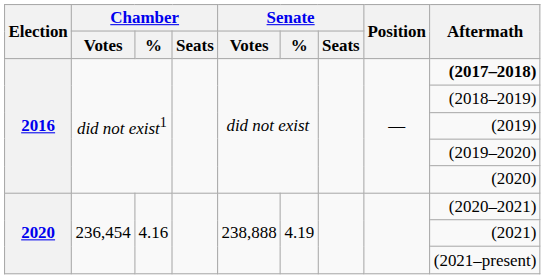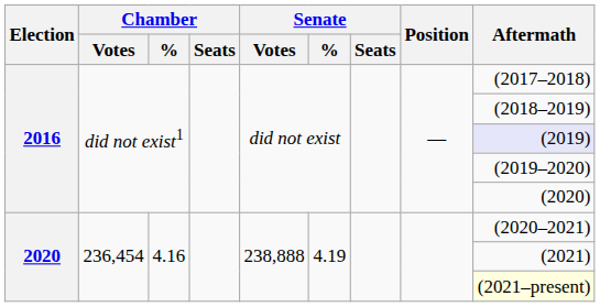 <table class="wikitable" style="text-align: right;">
 <tr>
 <th rowspan="2">Election</th>
 <th colspan="3"><a href='#'>Chamber</a></th>
 <th colspan="3"><a href='#'>Senate</a></th>
 <th rowspan="2">Position</th>
 <th rowspan="2">Aftermath</th>
 </tr>
 <tr>
 <th>Votes</th>
 <th>%</th>
 <th>Seats</th>
 <th>Votes</th>
 <th>%</th>
 <th>Seats</th>
 </tr>
 <tr>
 <th rowspan=5><a href='#'>2016</a></th>
 <td rowspan=5; colspan=2; style="text-align: center;"><em>did not exist</em><sup>1</sup></td>
 <td rowspan=5></td>
 <td rowspan=5; colspan=2; style="text-align: center;"><em>did not exist</em></td>
 <td rowspan=5></td>
 <td rowspan=5; style="text-align: center;">—</td>
-<td><strong> (2017–2018)</strong></td>
+<td> (2017–2018)</td>
 </tr>
 <tr>
 <td> (2018–2019)</td>
 </tr>
 <tr>
-<td> (2019)</td>
+<td style="background: lavender;"> (2019)</td>
 </tr>
 <tr>
 <td> (2019–2020)</td>
 </tr>
 <tr>
 <td> (2020)</td>
 </tr>
 <tr>
 <th rowspan=3><a href='#'>2020</a></th>
 <td rowspan=3>236,454</td>
 <td rowspan=3>4.16</td>
 <td rowspan=3></td>
 <td rowspan=3>238,888</td>
 <td rowspan=3>4.19</td>
 <td rowspan=3></td>
 <td rowspan=3; style="text-align: center;"></td>
 <td> (2020–2021)</td>
 </tr>
 <tr>
 <td> (2021)</td>
 </tr>
 <tr>
-<td> (2021–present)</td>
+<td style="background: lightyellow;"> (2021–present)</td>
 </tr>
 </table>
